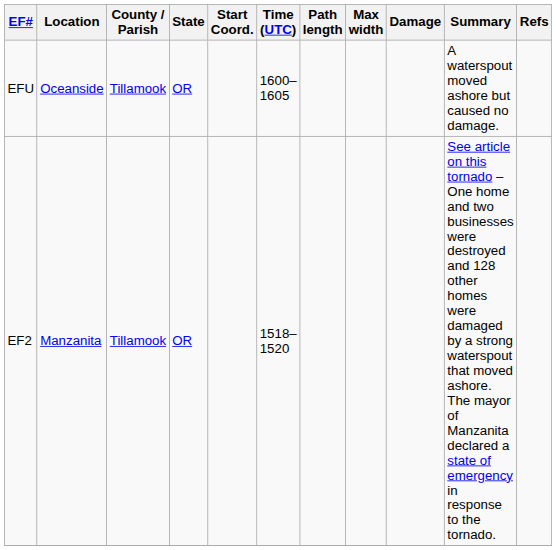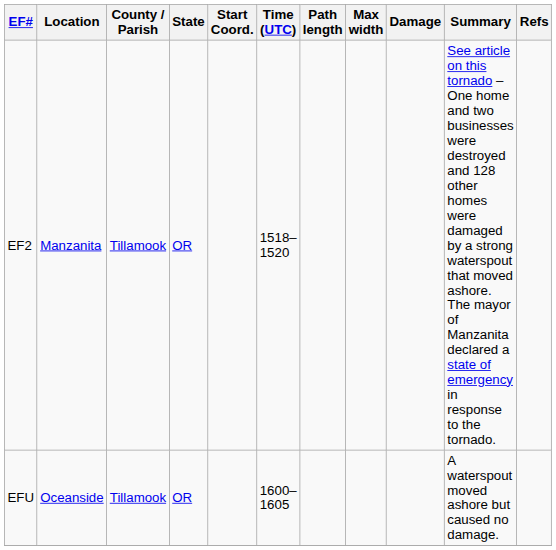 <table class="wikitable sortable" style="width:100%;">
 <tr>
 <th scope="col"  style="width:3%; text-align:center;"><a href='#'>EF#</a></th>
 <th scope="col"  style="width:7%; text-align:center;" class="unsortable">Location</th>
 <th scope="col"  style="width:6%; text-align:center;" class="unsortable">County / Parish</th>
 <th scope="col"  style="width:5%; text-align:center;">State</th>
 <th scope="col"  style="width:6%; text-align:center;">Start Coord.</th>
 <th scope="col"  style="width:6%; text-align:center;">Time (<a href='#'>UTC</a>)</th>
 <th scope="col"  style="width:6%; text-align:center;">Path length</th>
 <th scope="col"  style="width:6%; text-align:center;">Max width</th>
 <th scope="col"  style="width:6%; text-align:center;">Damage</th>
 <th scope="col" class="unsortable" style="width:48%; text-align:center;">Summary</th>
 <th scope="col" class="unsortable" style="width:48%; text-align:center;">Refs</th>
 </tr>
 <tr>
+<td>EF2</td>
+<td><a href='#'>Manzanita</a></td>
+<td><a href='#'>Tillamook</a></td>
+<td><a href='#'>OR</a></td>
+<td></td>
+<td>1518–1520</td>
+<td></td>
+<td></td>
+<td></td>
+<td><a href='#'>See article on this tornado</a> – One home and two businesses were destroyed and 128 other homes were damaged by a strong waterspout that moved ashore. The mayor of Manzanita declared a <a href='#'>state of emergency</a> in response to the tornado.</td>
+<td></td>
+</tr>
+<tr>
 <td>EFU</td>
 <td><a href='#'>Oceanside</a></td>
 <td><a href='#'>Tillamook</a></td>
 <td><a href='#'>OR</a></td>
 <td></td>
 <td>1600–1605</td>
 <td></td>
 <td></td>
 <td></td>
 <td>A waterspout moved ashore but caused no damage.</td>
 <td></td>
 </tr>
 <tr>
-<td>EF2</td>
-<td><a href='#'>Manzanita</a></td>
-<td><a href='#'>Tillamook</a></td>
-<td><a href='#'>OR</a></td>
-<td></td>
-<td>1518–1520</td>
-<td></td>
-<td></td>
-<td></td>
-<td><a href='#'>See article on this tornado</a> – One home and two businesses were destroyed and 128 other homes were damaged by a strong waterspout that moved ashore. The mayor of Manzanita declared a <a href='#'>state of emergency</a> in response to the tornado.</td>
-<td></td>
-</tr>
-<tr>
 </tr>
 </table>
